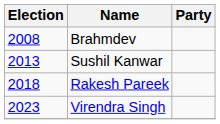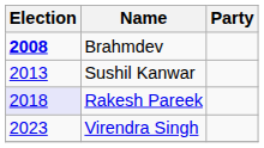 <table class="wikitable sortable">
 <tr>
 <th>Election</th>
 <th>Name</th>
 <th colspan=2>Party</th>
 </tr>
 <tr>
-<td><a href='#'>2008</a></td>
+<td><strong><a href='#'>2008</a></strong></td>
 <td>Brahmdev</td>
 <td></td>
 </tr>
 <tr>
 <td><a href='#'>2013</a></td>
 <td>Sushil Kanwar</td>
 <td></td>
 </tr>
 <tr>
-<td><a href='#'>2018</a></td>
+<td style="background: lavender;"><a href='#'>2018</a></td>
 <td><a href='#'>Rakesh Pareek</a></td>
 <td></td>
 </tr>
 <tr>
 <td><a href='#'>2023</a></td>
 <td><a href='#'>Virendra Singh</a></td>
 <td></td>
 </tr>
 <tr>
 </tr>
 </table>
